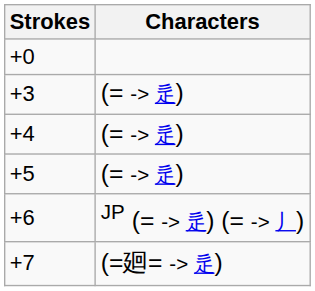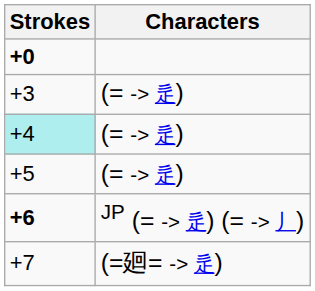 <table class="wikitable">
 <tr>
 <th>Strokes</th>
 <th>Characters</th>
 </tr>
 <tr --->
-<td>+0</td>
+<td><strong>+0</strong></td>
 <td style="font-size: large;"></td>
 </tr>
 <tr --->
 <td>+3</td>
 <td style="font-size: large;"> (= <small>-> <a href='#'>辵</a></small>)</td>
 </tr>
 <tr --->
-<td>+4</td>
+<td style="background: paleturquoise;">+4</td>
 <td style="font-size: large;">   (= <small>-> <a href='#'>辵</a></small>)</td>
 </tr>
 <tr --->
 <td>+5</td>
 <td style="font-size: large;"> (= <small>-> <a href='#'>辵</a></small>)</td>
 </tr>
 <tr --->
-<td>+6</td>
+<td><strong>+6</strong></td>
 <td style="font-size: large;"> <sup>JP</sup> (= <small>-> <a href='#'>辵</a></small>)  (= <small>-> <a href='#'>丿</a></small>)</td>
 </tr>
 <tr --->
 <td>+7</td>
 <td style="font-size: large;"> (=廻= <small>-> <a href='#'>辵</a></small>)</td>
 </tr>
 </table>
